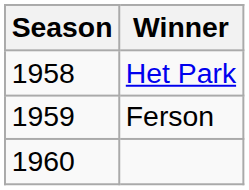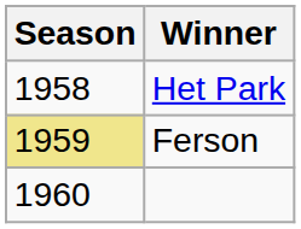 <table class=wikitable style="font-size:90%;">
 <tr>
 <th>Season</th>
 <th>Winner</th>
 </tr>
 <tr>
 <td>1958</td>
 <td><a href='#'>Het Park</a></td>
 </tr>
 <tr>
-<td>1959</td>
+<td style="background: khaki;">1959</td>
 <td>Ferson</td>
 </tr>
 <tr>
 <td>1960</td>
 <td></td>
 </tr>
 </table>
